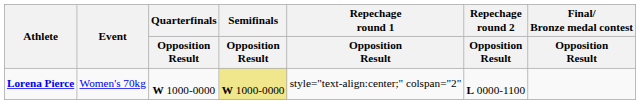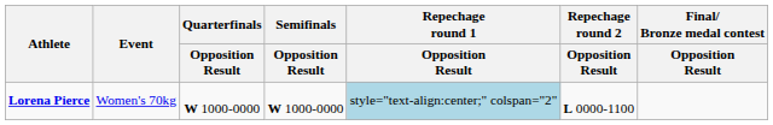 <table class=wikitable style="font-size:90%">
 <tr>
 <th rowspan="2">Athlete</th>
 <th rowspan="2">Event</th>
 <th>Quarterfinals</th>
 <th>Semifinals</th>
 <th>Repechage <br>round 1</th>
 <th>Repechage <br>round 2</th>
 <th>Final/<br>Bronze medal contest</th>
 </tr>
 <tr>
 <th>Opposition<br>Result</th>
 <th>Opposition<br>Result</th>
 <th>Opposition<br>Result</th>
 <th>Opposition<br>Result</th>
 <th>Opposition<br>Result</th>
 </tr>
 <tr>
 <td><strong><a href='#'>Lorena Pierce</a></strong></td>
 <td style="text-align:center;"><a href='#'>Women's 70kg</a></td>
 <td style="text-align:center;"><br> <strong>W</strong> 1000-0000</td>
-<td style="background: khaki; text-align:center;"><br> <strong>W</strong> 1000-0000</td>
-<td>style="text-align:center;" colspan="2" </td>
+<td style="text-align:center;"><br> <strong>W</strong> 1000-0000</td>
+<td style="background: lightblue;">style="text-align:center;" colspan="2" </td>
 <td style="text-align:center;"><br> <strong>L</strong> 0000-1100 </td>
 </tr>
 </table>
